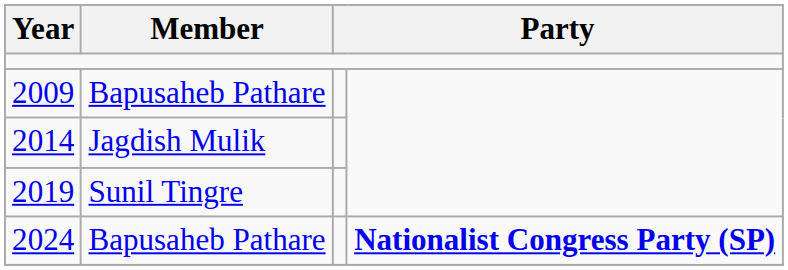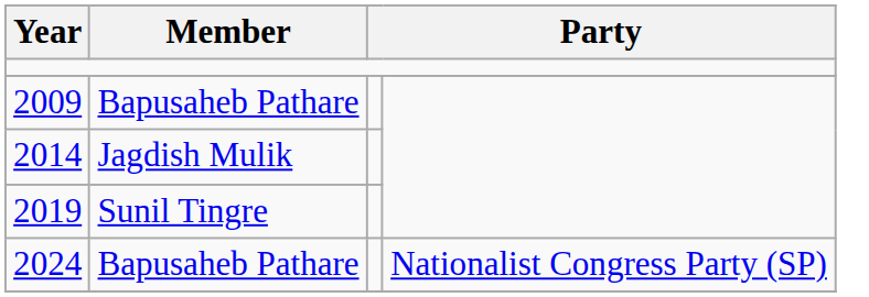 <table class="wikitable">
 <tr>
 <th>Year</th>
 <th>Member</th>
 <th colspan="2">Party</th>
 </tr>
 <tr>
 <td colspan="4"></td>
 </tr>
 <tr>
 <td><a href='#'>2009</a></td>
 <td><a href='#'>Bapusaheb Pathare</a></td>
 <td></td>
 </tr>
 <tr>
 <td><a href='#'>2014</a></td>
 <td><a href='#'>Jagdish Mulik</a></td>
 <td></td>
 </tr>
 <tr>
 <td><a href='#'>2019</a></td>
 <td><a href='#'>Sunil Tingre</a></td>
 <td></td>
 </tr>
 <tr>
 <td><a href='#'>2024</a></td>
 <td><a href='#'>Bapusaheb Pathare</a></td>
 <td style="background-color: "></td>
-<td><strong><a href='#'>Nationalist Congress Party (SP)</a></strong></td>
+<td><a href='#'>Nationalist Congress Party (SP)</a></td>
 </tr>
 <tr>
 </tr>
 </table>
